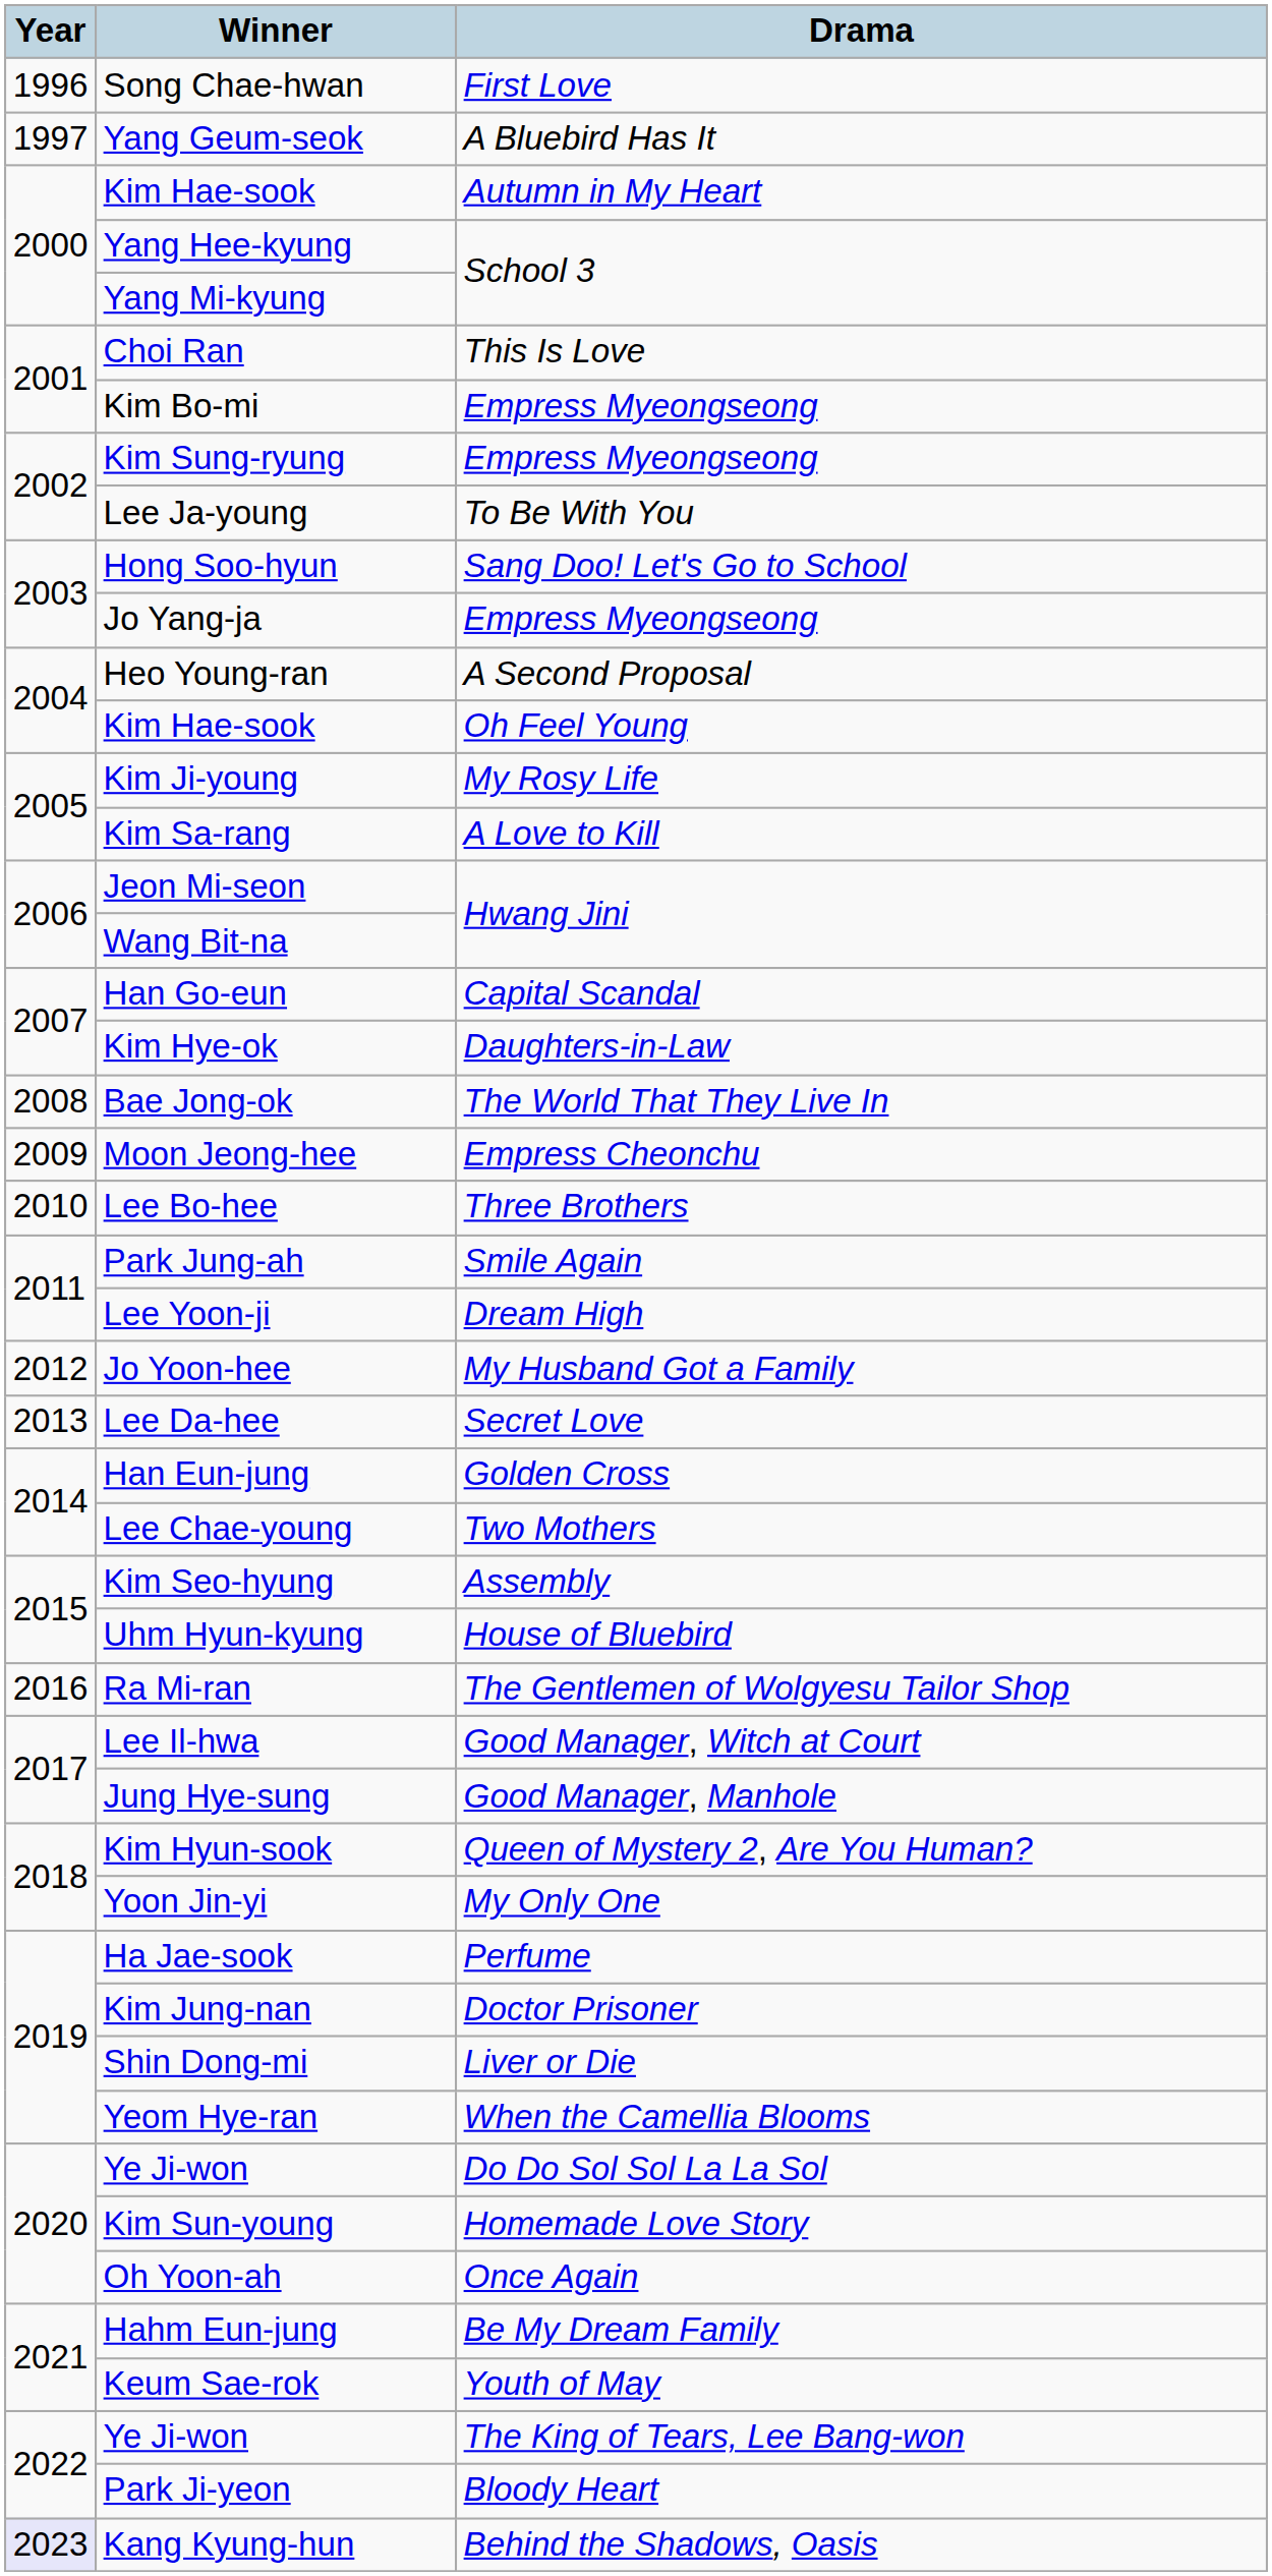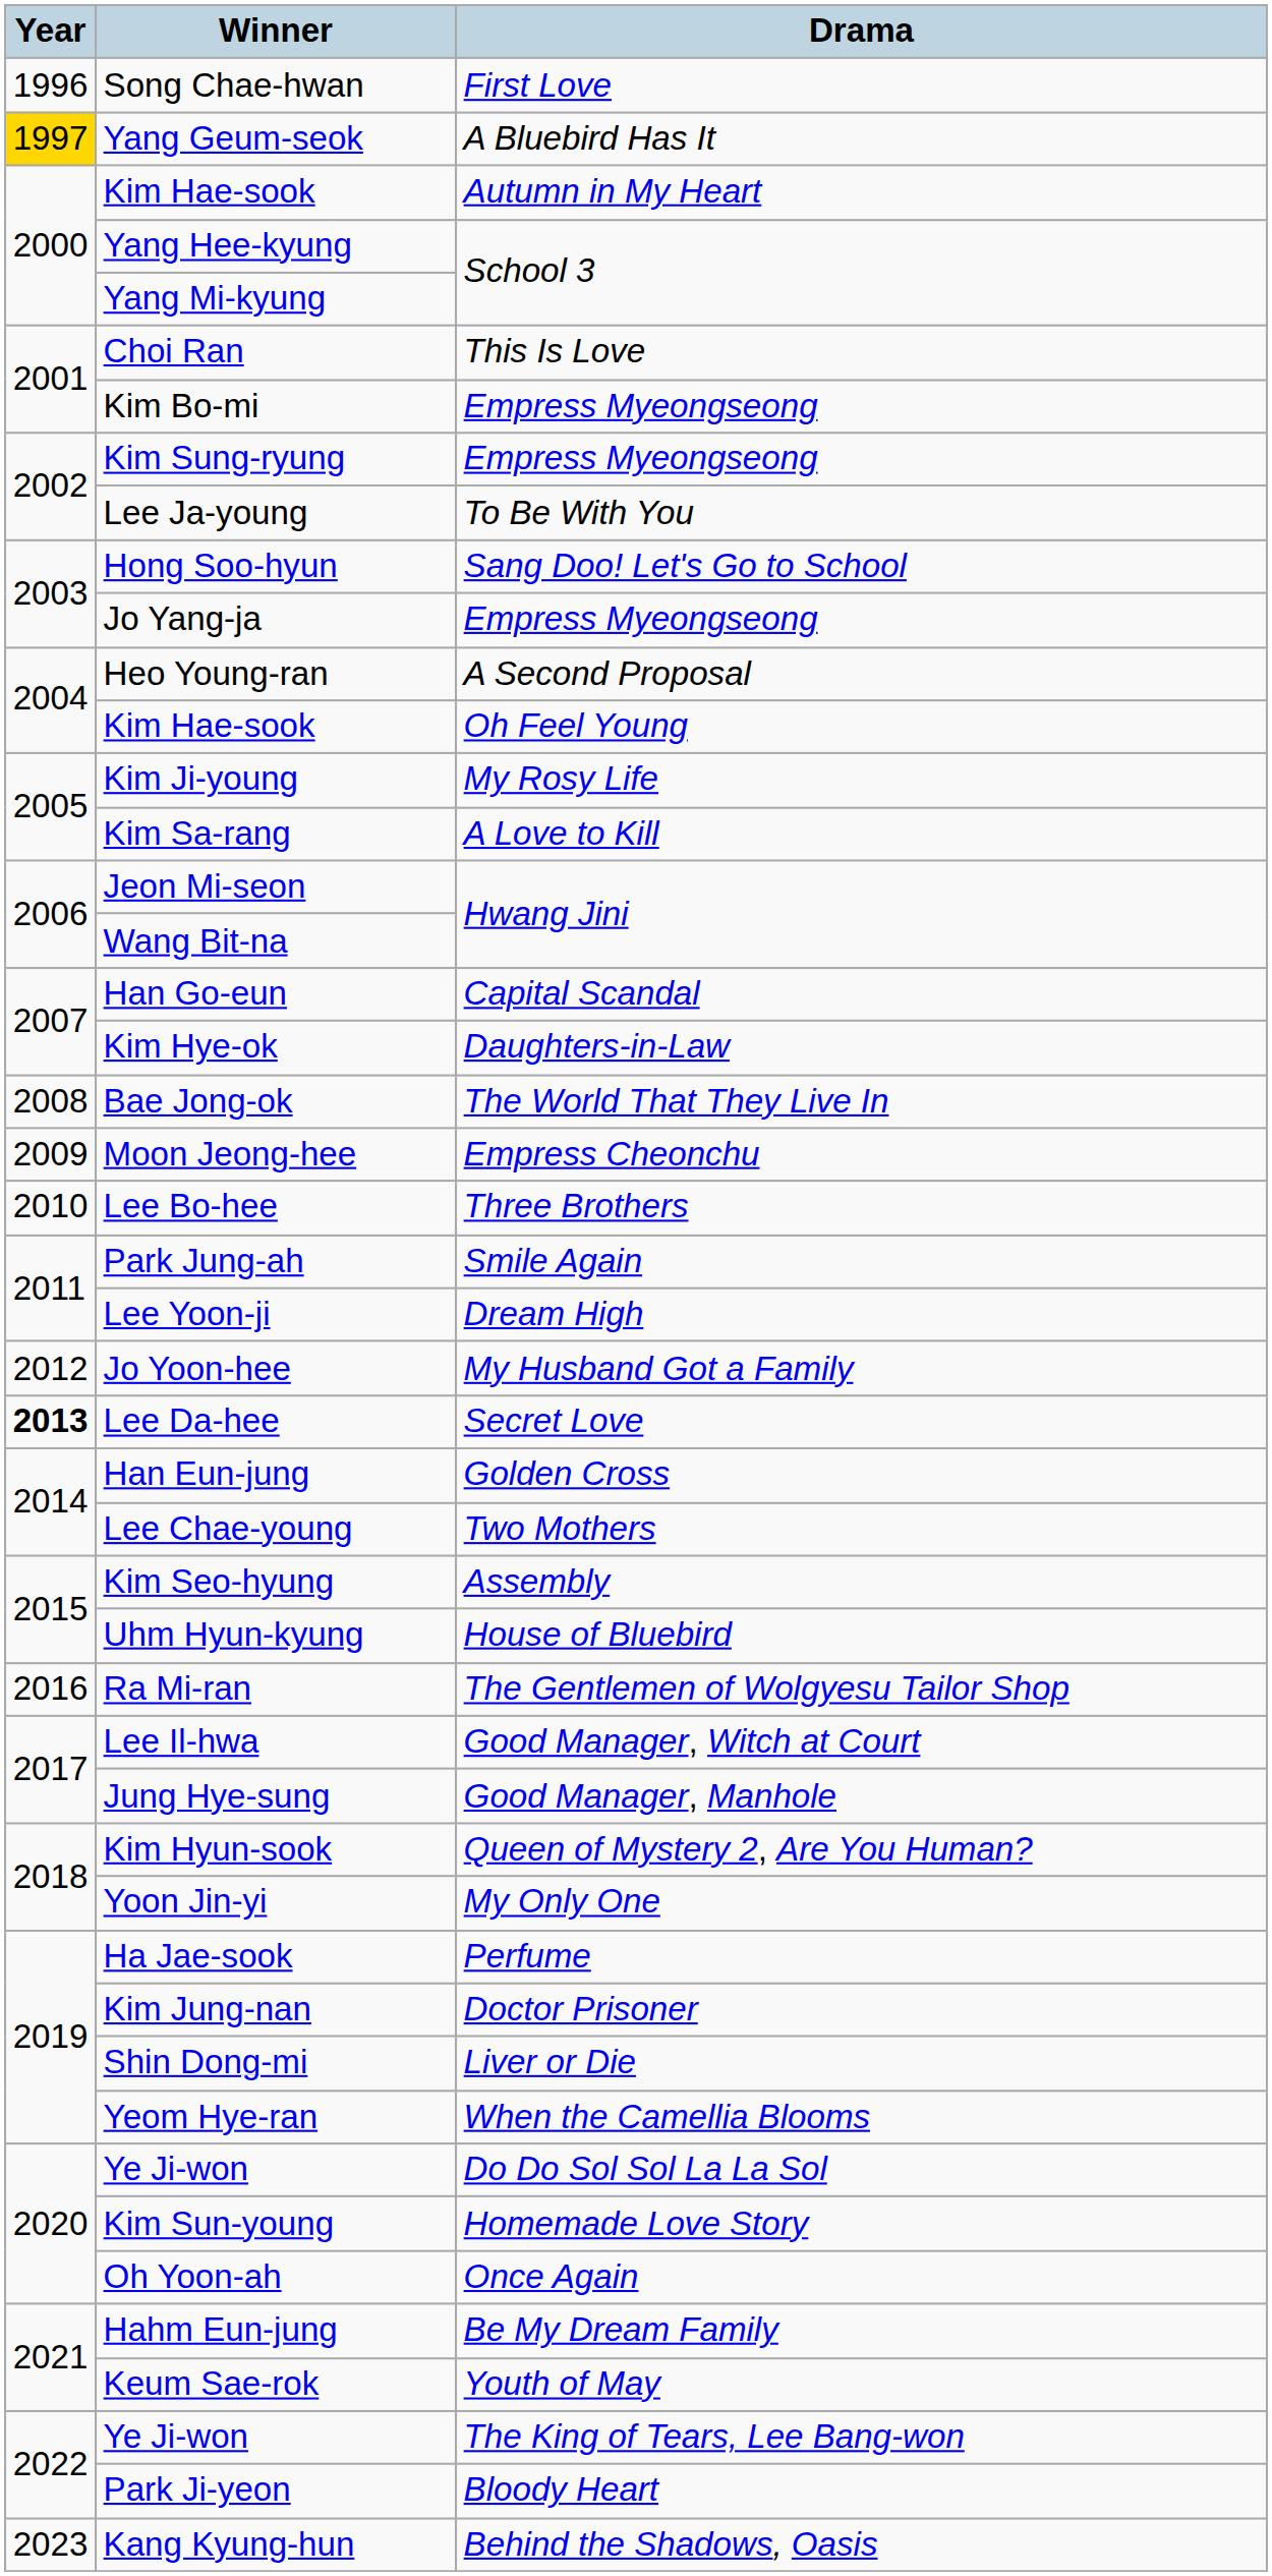 <table class="wikitable" style="width:600px">
 <tr>
 <th style="background:#BED5E1;" width="30">Year</th>
 <th style="background:#BED5E1;">Winner</th>
 <th style="background:#BED5E1;">Drama</th>
 </tr>
 <tr>
 <td>1996</td>
 <td>Song Chae-hwan</td>
 <td><em><a href='#'>First Love</a></em></td>
 </tr>
 <tr>
-<td>1997</td>
+<td style="background: gold;">1997</td>
 <td><a href='#'>Yang Geum-seok</a></td>
 <td><em>A Bluebird Has It</em></td>
 </tr>
 <tr>
 <td rowspan="3">2000</td>
 <td><a href='#'>Kim Hae-sook</a></td>
 <td><em><a href='#'>Autumn in My Heart</a></em></td>
 </tr>
 <tr>
 <td><a href='#'>Yang Hee-kyung</a></td>
 <td rowspan="2"><em>School 3</em></td>
 </tr>
 <tr>
 <td><a href='#'>Yang Mi-kyung</a></td>
 </tr>
 <tr>
 <td rowspan="2">2001</td>
 <td><a href='#'>Choi Ran</a></td>
 <td><em>This Is Love</em></td>
 </tr>
 <tr>
 <td>Kim Bo-mi</td>
 <td><em><a href='#'>Empress Myeongseong</a></em></td>
 </tr>
 <tr>
 <td rowspan="2">2002</td>
 <td><a href='#'>Kim Sung-ryung</a></td>
 <td><em><a href='#'>Empress Myeongseong</a></em></td>
 </tr>
 <tr>
 <td>Lee Ja-young</td>
 <td><em>To Be With You</em></td>
 </tr>
 <tr>
 <td rowspan="2">2003</td>
 <td><a href='#'>Hong Soo-hyun</a></td>
 <td><em><a href='#'>Sang Doo! Let's Go to School</a></em></td>
 </tr>
 <tr>
 <td>Jo Yang-ja</td>
 <td><em><a href='#'>Empress Myeongseong</a></em></td>
 </tr>
 <tr>
 <td rowspan="2">2004</td>
 <td>Heo Young-ran</td>
 <td><em>A Second Proposal</em></td>
 </tr>
 <tr>
 <td><a href='#'>Kim Hae-sook</a></td>
 <td><em><a href='#'>Oh Feel Young</a></em></td>
 </tr>
 <tr>
 <td rowspan="2">2005</td>
 <td><a href='#'>Kim Ji-young</a></td>
 <td><em><a href='#'>My Rosy Life</a></em></td>
 </tr>
 <tr>
 <td><a href='#'>Kim Sa-rang</a></td>
 <td><em><a href='#'>A Love to Kill</a></em></td>
 </tr>
 <tr>
 <td rowspan="2">2006</td>
 <td><a href='#'>Jeon Mi-seon</a></td>
 <td rowspan="2"><em><a href='#'>Hwang Jini</a></em></td>
 </tr>
 <tr>
 <td><a href='#'>Wang Bit-na</a></td>
 </tr>
 <tr>
 <td rowspan="2">2007</td>
 <td><a href='#'>Han Go-eun</a></td>
 <td><em><a href='#'>Capital Scandal</a></em></td>
 </tr>
 <tr>
 <td><a href='#'>Kim Hye-ok</a></td>
 <td><em><a href='#'>Daughters-in-Law</a></em></td>
 </tr>
 <tr>
 <td>2008</td>
 <td><a href='#'>Bae Jong-ok</a></td>
 <td><em><a href='#'>The World That They Live In</a></em></td>
 </tr>
 <tr>
 <td>2009</td>
 <td><a href='#'>Moon Jeong-hee</a></td>
 <td><em><a href='#'>Empress Cheonchu</a></em></td>
 </tr>
 <tr>
 <td>2010</td>
 <td><a href='#'>Lee Bo-hee</a></td>
 <td><em><a href='#'>Three Brothers</a></em></td>
 </tr>
 <tr>
 <td rowspan="2">2011</td>
 <td><a href='#'>Park Jung-ah</a></td>
 <td><em><a href='#'>Smile Again</a></em></td>
 </tr>
 <tr>
 <td><a href='#'>Lee Yoon-ji</a></td>
 <td><em><a href='#'>Dream High</a></em></td>
 </tr>
 <tr>
 <td>2012</td>
 <td><a href='#'>Jo Yoon-hee</a></td>
 <td><em><a href='#'>My Husband Got a Family</a></em></td>
 </tr>
 <tr>
-<td>2013</td>
+<td><strong>2013</strong></td>
 <td><a href='#'>Lee Da-hee</a></td>
 <td><em><a href='#'>Secret Love</a></em></td>
 </tr>
 <tr>
 <td rowspan="2">2014</td>
 <td><a href='#'>Han Eun-jung</a></td>
 <td><em><a href='#'>Golden Cross</a></em></td>
 </tr>
 <tr>
 <td><a href='#'>Lee Chae-young</a></td>
 <td><em><a href='#'>Two Mothers</a></em></td>
 </tr>
 <tr>
 <td rowspan="2">2015</td>
 <td><a href='#'>Kim Seo-hyung</a></td>
 <td><em><a href='#'>Assembly</a></em></td>
 </tr>
 <tr>
 <td><a href='#'>Uhm Hyun-kyung</a></td>
 <td><em><a href='#'>House of Bluebird</a></em></td>
 </tr>
 <tr>
 <td>2016</td>
 <td><a href='#'>Ra Mi-ran</a></td>
 <td><em><a href='#'>The Gentlemen of Wolgyesu Tailor Shop</a></em></td>
 </tr>
 <tr>
 <td rowspan="2">2017</td>
 <td><a href='#'>Lee Il-hwa</a></td>
 <td><em><a href='#'>Good Manager</a></em>, <em><a href='#'>Witch at Court</a></em></td>
 </tr>
 <tr>
 <td><a href='#'>Jung Hye-sung</a></td>
 <td><em><a href='#'>Good Manager</a></em>, <em><a href='#'>Manhole</a></em></td>
 </tr>
 <tr>
 <td rowspan="2">2018</td>
 <td><a href='#'>Kim Hyun-sook</a></td>
 <td><em><a href='#'>Queen of Mystery 2</a></em>, <em><a href='#'>Are You Human?</a></em></td>
 </tr>
 <tr>
 <td><a href='#'>Yoon Jin-yi</a></td>
 <td><em><a href='#'>My Only One</a></em></td>
 </tr>
 <tr>
 <td rowspan="4">2019</td>
 <td><a href='#'>Ha Jae-sook</a></td>
 <td><em><a href='#'>Perfume</a></em></td>
 </tr>
 <tr>
 <td><a href='#'>Kim Jung-nan</a></td>
 <td><em><a href='#'>Doctor Prisoner</a></em></td>
 </tr>
 <tr>
 <td><a href='#'>Shin Dong-mi</a></td>
 <td><em><a href='#'>Liver or Die</a></em></td>
 </tr>
 <tr>
 <td><a href='#'>Yeom Hye-ran</a></td>
 <td><em><a href='#'>When the Camellia Blooms</a></em></td>
 </tr>
 <tr>
 <td rowspan="3">2020</td>
 <td><a href='#'>Ye Ji-won</a></td>
 <td><em><a href='#'>Do Do Sol Sol La La Sol</a></em></td>
 </tr>
 <tr>
 <td><a href='#'>Kim Sun-young</a></td>
 <td><em><a href='#'>Homemade Love Story</a></em></td>
 </tr>
 <tr>
 <td><a href='#'>Oh Yoon-ah</a></td>
 <td><em><a href='#'>Once Again</a></em></td>
 </tr>
 <tr>
 <td rowspan="2">2021</td>
 <td><a href='#'>Hahm Eun-jung</a></td>
 <td><em><a href='#'>Be My Dream Family</a></em></td>
 </tr>
 <tr>
 <td><a href='#'>Keum Sae-rok</a></td>
 <td><em><a href='#'>Youth of May</a></em></td>
 </tr>
 <tr>
 <td rowspan="2">2022</td>
 <td><a href='#'>Ye Ji-won</a></td>
 <td><em><a href='#'>The King of Tears, Lee Bang-won</a></em></td>
 </tr>
 <tr>
 <td><a href='#'>Park Ji-yeon</a></td>
 <td><em><a href='#'>Bloody Heart</a></em></td>
 </tr>
 <tr>
-<td style="background: lavender;">2023</td>
+<td>2023</td>
 <td><a href='#'>Kang Kyung-hun</a></td>
 <td><em><a href='#'>Behind the Shadows</a>, <a href='#'>Oasis</a></em></td>
 </tr>
 </table>
